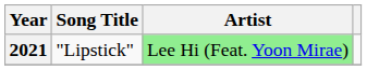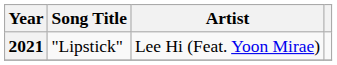 <table class="wikitable sortable plainrowheaders">
 <tr>
 <th scope="col">Year</th>
 <th scope="col">Song Title</th>
 <th scope="col">Artist</th>
 <th scope="col" class="unsortable"></th>
 </tr>
 <tr>
 <th scope="row">2021</th>
 <td>"Lipstick"</td>
-<td style="background: lightgreen;">Lee Hi (Feat. <a href='#'>Yoon Mirae</a>)</td>
+<td>Lee Hi (Feat. <a href='#'>Yoon Mirae</a>)</td>
 <td style="text-align:center"></td>
 </tr>
 <tr>
 </tr>
 </table>
